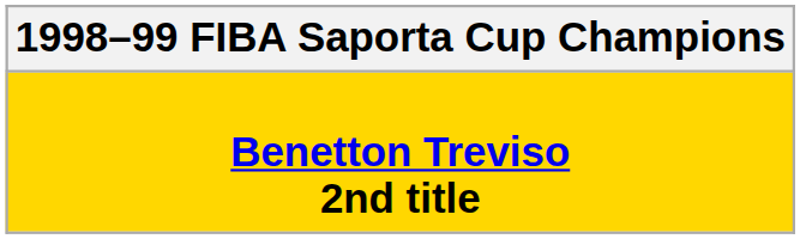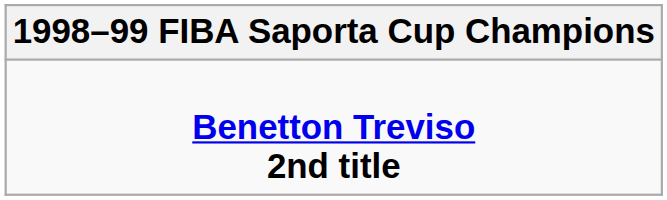 <table class=wikitable style="text-align:center; margin:auto">
 <tr>
 <th>1998–99 FIBA Saporta Cup Champions</th>
 </tr>
 <tr>
-<td style="background: gold;"><br>  <strong><a href='#'>Benetton Treviso</a></strong> <br> <strong>2nd title</strong></td>
+<td><br>  <strong><a href='#'>Benetton Treviso</a></strong> <br> <strong>2nd title</strong></td>
 </tr>
 </table>
